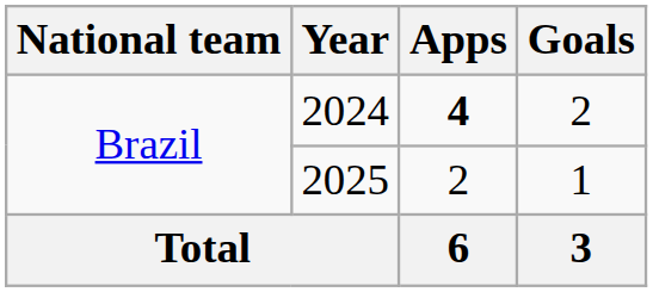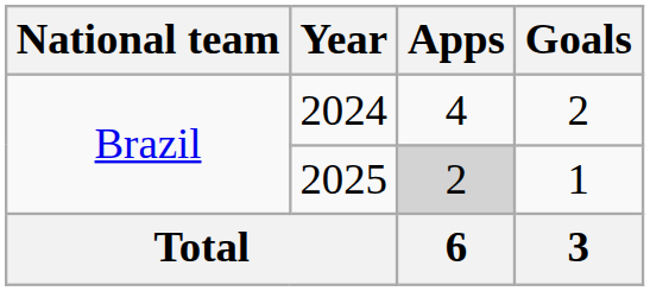 <table class="wikitable" style="text-align:center">
 <tr>
 <th>National team</th>
 <th>Year</th>
 <th>Apps</th>
 <th>Goals</th>
 </tr>
 <tr>
 <td rowspan="2"><a href='#'>Brazil</a></td>
 <td>2024</td>
-<td><strong>4</strong></td>
+<td>4</td>
 <td>2</td>
 </tr>
 <tr>
 <td>2025</td>
-<td>2</td>
+<td style="background: lightgrey;">2</td>
 <td>1</td>
 </tr>
 <tr>
 <th colspan="2">Total</th>
 <th>6</th>
 <th>3</th>
 </tr>
 </table>
